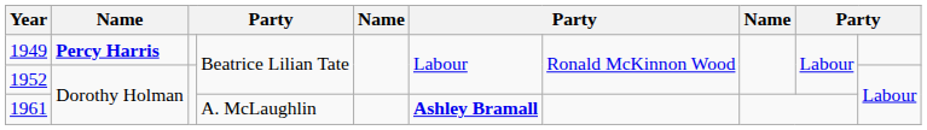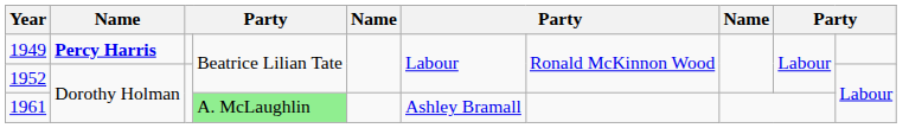 <table class="wikitable">
 <tr>
 <th>Year</th>
 <th>Name</th>
 <th colspan=2>Party</th>
 <th>Name</th>
 <th colspan=2>Party</th>
 <th>Name</th>
 <th colspan=2>Party</th>
 </tr>
 <tr>
 <td><a href='#'>1949</a></td>
 <td><strong><a href='#'>Percy Harris</a></strong></td>
 <td></td>
 <td rowspan=2>Beatrice Lilian Tate</td>
 <td rowspan=2 style="background-color: "></td>
 <td rowspan=2><a href='#'>Labour</a></td>
 <td rowspan=2><a href='#'>Ronald McKinnon Wood</a></td>
 <td rowspan=2 style="background-color: "></td>
 <td rowspan=2><a href='#'>Labour</a></td>
 </tr>
 <tr>
 <td><a href='#'>1952</a></td>
 <td rowspan=2>Dorothy Holman</td>
 <td rowspan=2 style="background-color: "></td>
 <td rowspan=2><a href='#'>Labour</a></td>
 </tr>
 <tr>
 <td><a href='#'>1961</a></td>
-<td>A. McLaughlin</td>
+<td style="background: lightgreen;">A. McLaughlin</td>
 <td></td>
-<td><strong><a href='#'>Ashley Bramall</a></strong></td>
+<td><a href='#'>Ashley Bramall</a></td>
 <td></td>
 </tr>
 </table>
